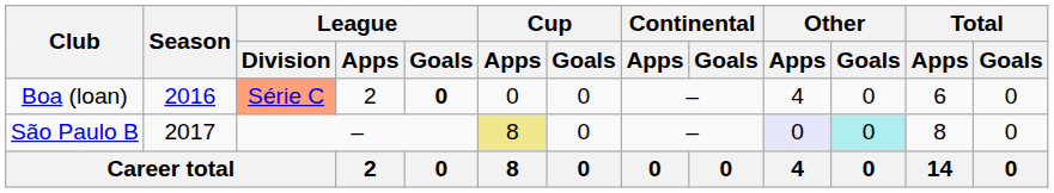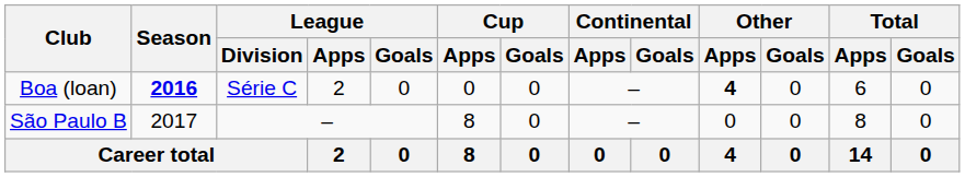 <table class="wikitable" style="text-align: center">
 <tr>
 <th rowspan="2">Club</th>
 <th rowspan="2">Season</th>
 <th colspan="3">League</th>
 <th colspan="2">Cup</th>
 <th colspan="2">Continental</th>
 <th colspan="2">Other</th>
 <th colspan="2">Total</th>
 </tr>
 <tr>
 <th>Division</th>
 <th>Apps</th>
 <th>Goals</th>
 <th>Apps</th>
 <th>Goals</th>
 <th>Apps</th>
 <th>Goals</th>
 <th>Apps</th>
 <th>Goals</th>
 <th>Apps</th>
 <th>Goals</th>
 </tr>
 <tr>
 <td><a href='#'>Boa</a> (loan)</td>
-<td><a href='#'>2016</a></td>
-<td style="background: lightsalmon;"><a href='#'>Série C</a></td>
+<td><strong><a href='#'>2016</a></strong></td>
+<td><a href='#'>Série C</a></td>
 <td>2</td>
-<td><strong>0</strong></td>
+<td>0</td>
 <td>0</td>
 <td>0</td>
 <td colspan="2">–</td>
-<td>4</td>
+<td><strong>4</strong></td>
 <td>0</td>
 <td>6</td>
 <td>0</td>
 </tr>
 <tr>
 <td><a href='#'>São Paulo B</a></td>
 <td>2017</td>
 <td colspan="3">–</td>
-<td style="background: khaki;">8</td>
+<td>8</td>
 <td>0</td>
 <td colspan="2">–</td>
-<td style="background: lavender;">0</td>
-<td style="background: paleturquoise;">0</td>
+<td>0</td>
+<td>0</td>
 <td>8</td>
 <td>0</td>
 </tr>
 <tr>
 <th colspan="3"><strong>Career total</strong></th>
 <th>2</th>
 <th>0</th>
 <th>8</th>
 <th>0</th>
 <th>0</th>
 <th>0</th>
 <th>4</th>
 <th>0</th>
 <th>14</th>
 <th>0</th>
 </tr>
 </table>
